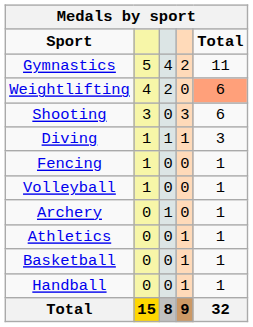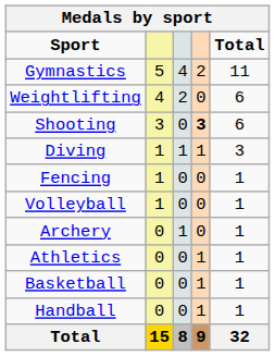 <table class="wikitable" style="font-size:85%; float:right;">
 <tr style="background:#efefef;">
 <th colspan=7>Medals by sport</th>
 </tr>
 <tr align=center>
 <td><strong>Sport</strong></td>
 <td style="background:#f7f6a8;"></td>
 <td style="background:#dce5e5;"></td>
 <td style="background:#ffdab9;"></td>
 <td><strong>Total</strong></td>
 </tr>
 <tr align=center>
 <td><a href='#'>Gymnastics</a></td>
 <td style="background:#f7f6a8;">5</td>
 <td style="background:#dce5e5;">4</td>
 <td style="background:#ffdab9;">2</td>
 <td>11</td>
 </tr>
 <tr align=center>
 <td><a href='#'>Weightlifting</a></td>
 <td style="background:#f7f6a8;">4</td>
 <td style="background:#dce5e5;">2</td>
 <td style="background:#ffdab9;">0</td>
-<td style="background: lightsalmon;">6</td>
+<td>6</td>
 </tr>
 <tr align=center>
 <td><a href='#'>Shooting</a></td>
 <td style="background:#f7f6a8;">3</td>
 <td style="background:#dce5e5;">0</td>
-<td style="background:#ffdab9;">3</td>
+<td style="background:#ffdab9;"><strong>3</strong></td>
 <td>6</td>
 </tr>
 <tr align=center>
 <td><a href='#'>Diving</a></td>
 <td style="background:#f7f6a8;">1</td>
 <td style="background:#dce5e5;">1</td>
 <td style="background:#ffdab9;">1</td>
 <td>3</td>
 </tr>
 <tr align=center>
 <td><a href='#'>Fencing</a></td>
 <td style="background:#f7f6a8;">1</td>
 <td style="background:#dce5e5;">0</td>
 <td style="background:#ffdab9;">0</td>
 <td>1</td>
 </tr>
 <tr align=center>
 <td><a href='#'>Volleyball</a></td>
 <td style="background:#f7f6a8;">1</td>
 <td style="background:#dce5e5;">0</td>
 <td style="background:#ffdab9;">0</td>
 <td>1</td>
 </tr>
 <tr align=center>
 <td><a href='#'>Archery</a></td>
 <td style="background:#f7f6a8;">0</td>
 <td style="background:#dce5e5;">1</td>
 <td style="background:#ffdab9;">0</td>
 <td>1</td>
 </tr>
 <tr align=center>
 <td><a href='#'>Athletics</a></td>
 <td style="background:#f7f6a8;">0</td>
 <td style="background:#dce5e5;">0</td>
 <td style="background:#ffdab9;">1</td>
 <td>1</td>
 </tr>
 <tr align=center>
 <td><a href='#'>Basketball</a></td>
 <td style="background:#f7f6a8;">0</td>
 <td style="background:#dce5e5;">0</td>
 <td style="background:#ffdab9;">1</td>
 <td>1</td>
 </tr>
 <tr align=center>
 <td><a href='#'>Handball</a></td>
 <td style="background:#f7f6a8;">0</td>
 <td style="background:#dce5e5;">0</td>
 <td style="background:#ffdab9;">1</td>
 <td>1</td>
 </tr>
 <tr align=center>
 <th>Total</th>
 <th style="background:gold;">15</th>
 <th style="background:silver;">8</th>
 <th style="background:#c96;">9</th>
 <th>32</th>
 </tr>
 </table>
